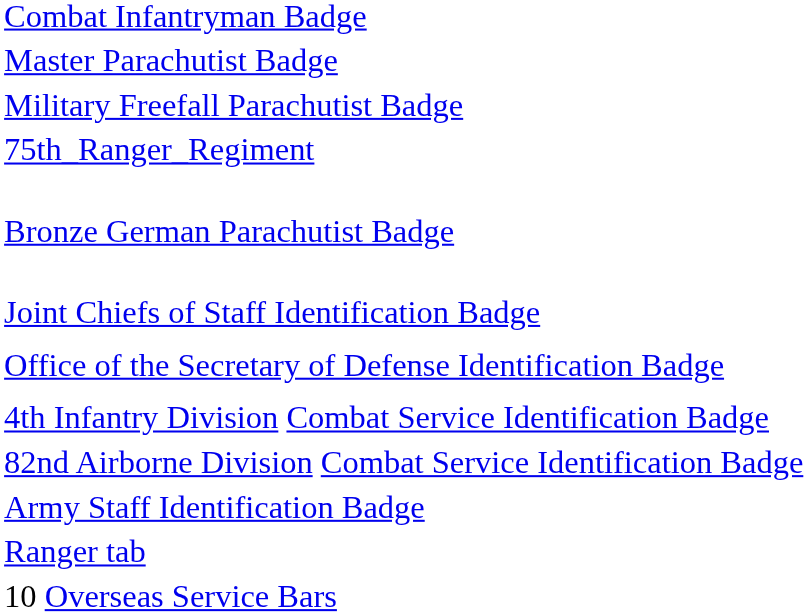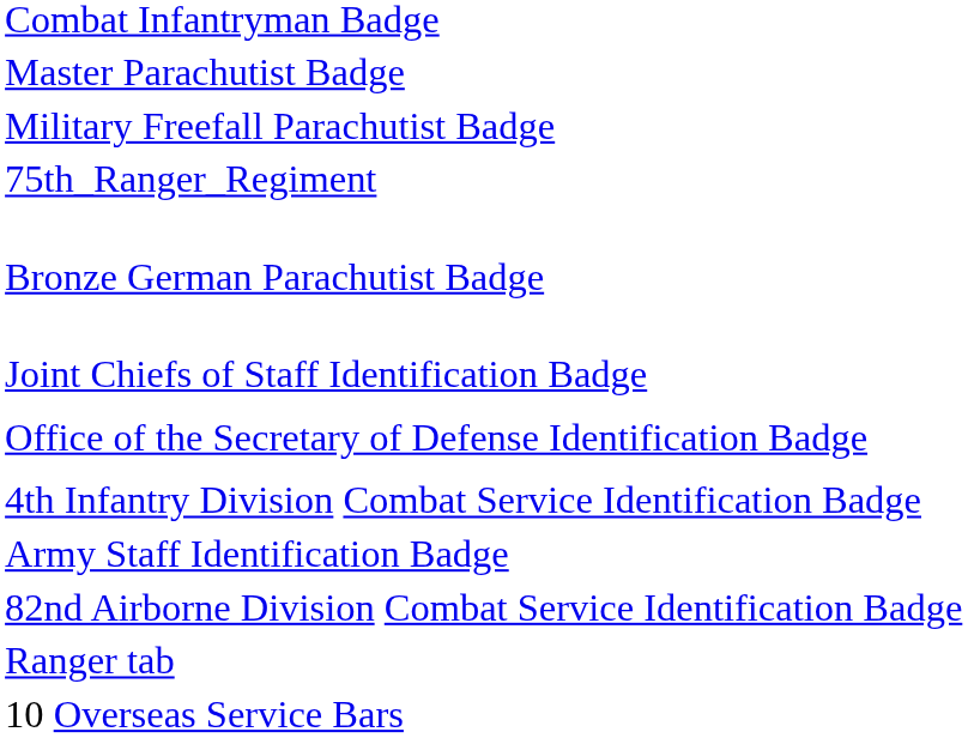 <table>
 <tr>
 <td> <a href='#'>Combat Infantryman Badge</a></td>
 </tr>
 <tr>
 <td> <a href='#'>Master Parachutist Badge</a></td>
 </tr>
 <tr>
 <td><a href='#'>Military Freefall Parachutist Badge</a></td>
 </tr>
 <tr>
 <td><a href='#'>75th_Ranger_Regiment</a></td>
 </tr>
 <tr>
 <td><br><a href='#'>Bronze German Parachutist Badge</a></td>
 </tr>
 <tr>
 <td><br><a href='#'>Joint Chiefs of Staff Identification Badge</a></td>
 </tr>
 <tr>
 <td></td>
 </tr>
 <tr>
 <td><a href='#'>Office of the Secretary of Defense Identification Badge</a></td>
 </tr>
 <tr>
 <td></td>
 </tr>
 <tr>
 <td><a href='#'>4th Infantry Division</a> <a href='#'>Combat Service Identification Badge</a></td>
 </tr>
 <tr>
-<td> <a href='#'>82nd Airborne Division</a> <a href='#'>Combat Service Identification Badge</a></td>
+<td> <a href='#'>Army Staff Identification Badge</a></td>
 </tr>
 <tr>
-<td> <a href='#'>Army Staff Identification Badge</a></td>
+<td> <a href='#'>82nd Airborne Division</a> <a href='#'>Combat Service Identification Badge</a></td>
 </tr>
 <tr>
 <td> <a href='#'>Ranger tab</a></td>
 </tr>
 <tr>
 <td> 10 <a href='#'>Overseas Service Bars</a></td>
 </tr>
 </table>
